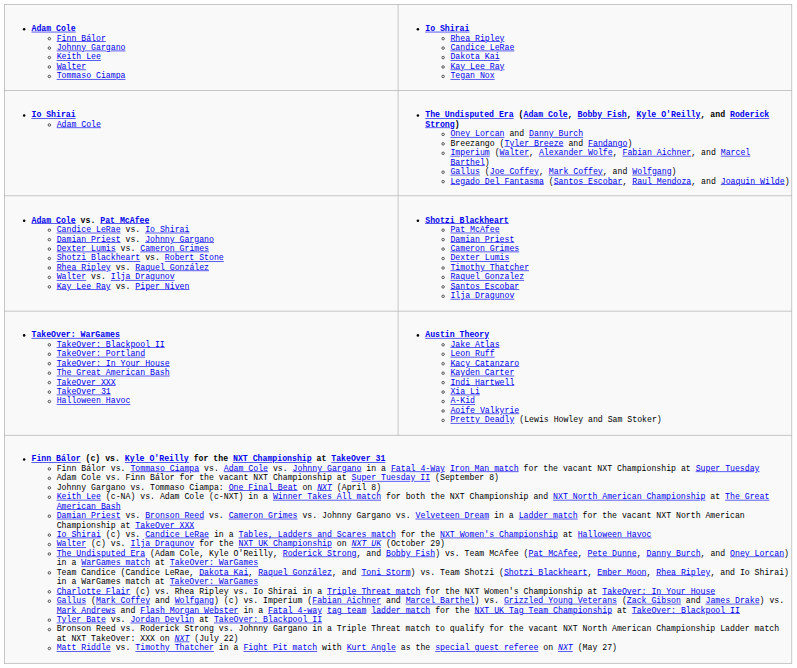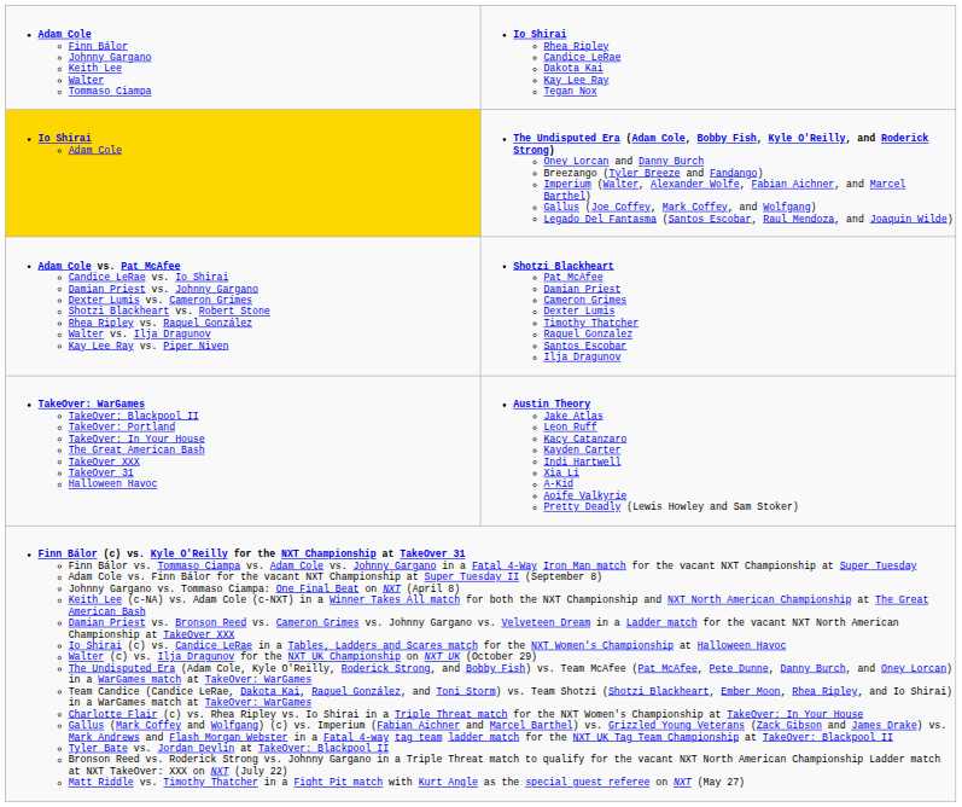 <table class="wikitable">
 <tr>
 <td style="vertical-align:top; width:50%;"><br><ul><li><strong><a href='#'>Adam Cole</a></strong><ul><li><a href='#'>Finn Bálor</a></li><li><a href='#'>Johnny Gargano</a></li><li><a href='#'>Keith Lee</a></li><li><a href='#'>Walter</a></li><li><a href='#'>Tommaso Ciampa</a></li></ul></li></ul></td>
 <td style="vertical-align:top; width:50%;"><br><ul><li><strong><a href='#'>Io Shirai</a></strong><ul><li><a href='#'>Rhea Ripley</a></li><li><a href='#'>Candice LeRae</a></li><li><a href='#'>Dakota Kai</a></li><li><a href='#'>Kay Lee Ray</a></li><li><a href='#'>Tegan Nox</a></li></ul></li></ul></td>
 </tr>
 <tr>
-<td style="vertical-align:top; width:50%;"><br><ul><li><strong><a href='#'>Io Shirai</a></strong><ul><li><a href='#'>Adam Cole</a></li></ul></li></ul></td>
+<td style="background: gold; vertical-align:top; width:50%;"><br><ul><li><strong><a href='#'>Io Shirai</a></strong><ul><li><a href='#'>Adam Cole</a></li></ul></li></ul></td>
 <td style="vertical-align:top; width:50%;"><br><ul><li><strong><a href='#'>The Undisputed Era</a> (<a href='#'>Adam Cole</a>, <a href='#'>Bobby Fish</a>, <a href='#'>Kyle O'Reilly</a>, and <a href='#'>Roderick Strong</a>)</strong><ul><li><a href='#'>Oney Lorcan</a> and <a href='#'>Danny Burch</a></li><li>Breezango (<a href='#'>Tyler Breeze</a> and <a href='#'>Fandango</a>)</li><li><a href='#'>Imperium</a> (<a href='#'>Walter</a>, <a href='#'>Alexander Wolfe</a>, <a href='#'>Fabian Aichner</a>, and <a href='#'>Marcel Barthel</a>)</li><li><a href='#'>Gallus</a> (<a href='#'>Joe Coffey</a>, <a href='#'>Mark Coffey</a>, and <a href='#'>Wolfgang</a>)</li><li><a href='#'>Legado Del Fantasma</a> (<a href='#'>Santos Escobar</a>, <a href='#'>Raul Mendoza</a>, and <a href='#'>Joaquin Wilde</a>)</li></ul></li></ul></td>
 </tr>
 <tr>
 <td style="vertical-align:top; width:50%;"><br><ul><li><strong><a href='#'>Adam Cole</a> vs. <a href='#'>Pat McAfee</a></strong><ul><li><a href='#'>Candice LeRae</a> vs. <a href='#'>Io Shirai</a></li><li><a href='#'>Damian Priest</a> vs. <a href='#'>Johnny Gargano</a></li><li><a href='#'>Dexter Lumis</a> vs. <a href='#'>Cameron Grimes</a></li><li><a href='#'>Shotzi Blackheart</a> vs. <a href='#'>Robert Stone</a></li><li><a href='#'>Rhea Ripley</a> vs. <a href='#'>Raquel González</a></li><li><a href='#'>Walter</a> vs. <a href='#'>Ilja Dragunov</a></li><li><a href='#'>Kay Lee Ray</a> vs. <a href='#'>Piper Niven</a></li></ul></li></ul></td>
 <td style="vertical-align:top; width:50%;"><br><ul><li><strong><a href='#'>Shotzi Blackheart</a></strong><ul><li><a href='#'>Pat McAfee</a></li><li><a href='#'>Damian Priest</a></li><li><a href='#'>Cameron Grimes</a></li><li><a href='#'>Dexter Lumis</a></li><li><a href='#'>Timothy Thatcher</a></li><li><a href='#'>Raquel Gonzalez</a></li><li><a href='#'>Santos Escobar</a></li><li><a href='#'>Ilja Dragunov</a></li></ul></li></ul></td>
 </tr>
 <tr>
 <td style="vertical-align:top; width:50%;"><br><ul><li><strong><a href='#'>TakeOver: WarGames</a></strong><ul><li><a href='#'>TakeOver: Blackpool II</a></li><li><a href='#'>TakeOver: Portland</a></li><li><a href='#'>TakeOver: In Your House</a></li><li><a href='#'>The Great American Bash</a></li><li><a href='#'>TakeOver XXX</a></li><li><a href='#'>TakeOver 31</a></li><li><a href='#'>Halloween Havoc</a></li></ul></li></ul></td>
 <td style="vertical-align:top; width:50%;"><br><ul><li><strong><a href='#'>Austin Theory</a></strong><ul><li><a href='#'>Jake Atlas</a></li><li><a href='#'>Leon Ruff</a></li><li><a href='#'>Kacy Catanzaro</a></li><li><a href='#'>Kayden Carter</a></li><li><a href='#'>Indi Hartwell</a></li><li><a href='#'>Xia Li</a></li><li><a href='#'>A-Kid</a></li><li><a href='#'>Aoife Valkyrie</a></li><li><a href='#'>Pretty Deadly</a> (Lewis Howley and Sam Stoker)</li></ul></li></ul></td>
 </tr>
 <tr>
 <td style="vertical-align:top; width:50%;" colspan=2><br><ul><li><strong><a href='#'>Finn Bálor</a> (c) vs. <a href='#'>Kyle O'Reilly</a> for the <a href='#'>NXT Championship</a> at <a href='#'>TakeOver 31</a></strong><ul><li>Finn Bálor vs. <a href='#'>Tommaso Ciampa</a> vs. <a href='#'>Adam Cole</a> vs. <a href='#'>Johnny Gargano</a> in a <a href='#'>Fatal 4-Way</a> <a href='#'>Iron Man match</a> for the vacant NXT Championship at <a href='#'>Super Tuesday</a></li><li>Adam Cole vs. Finn Bálor for the vacant NXT Championship at <a href='#'>Super Tuesday II</a> (September 8)</li><li>Johnny Gargano vs. Tommaso Ciampa: <a href='#'>One Final Beat</a> on <em><a href='#'>NXT</a></em> (April 8)</li><li><a href='#'>Keith Lee</a> (c-NA) vs. Adam Cole (c-NXT) in a <a href='#'>Winner Takes All match</a> for both the NXT Championship and <a href='#'>NXT North American Championship</a> at <a href='#'>The Great American Bash</a></li><li><a href='#'>Damian Priest</a> vs. <a href='#'>Bronson Reed</a> vs. <a href='#'>Cameron Grimes</a> vs. Johnny Gargano vs. <a href='#'>Velveteen Dream</a> in a <a href='#'>Ladder match</a> for the vacant NXT North American Championship at <a href='#'>TakeOver XXX</a></li><li><a href='#'>Io Shirai</a> (c) vs. <a href='#'>Candice LeRae</a> in a <a href='#'>Tables, Ladders and Scares match</a> for the <a href='#'>NXT Women's Championship</a> at <a href='#'>Halloween Havoc</a></li><li><a href='#'>Walter</a> (c) vs. <a href='#'>Ilja Dragunov</a> for the <a href='#'>NXT UK Championship</a> on <em><a href='#'>NXT UK</a></em> (October 29)</li><li><a href='#'>The Undisputed Era</a> (Adam Cole, Kyle O'Reilly, <a href='#'>Roderick Strong</a>, and <a href='#'>Bobby Fish</a>) vs. Team McAfee (<a href='#'>Pat McAfee</a>, <a href='#'>Pete Dunne</a>, <a href='#'>Danny Burch</a>, and <a href='#'>Oney Lorcan</a>) in a <a href='#'>WarGames match</a> at <a href='#'>TakeOver: WarGames</a></li><li>Team Candice (Candice LeRae, <a href='#'>Dakota Kai</a>, <a href='#'>Raquel González</a>, and <a href='#'>Toni Storm</a>) vs. Team Shotzi (<a href='#'>Shotzi Blackheart</a>, <a href='#'>Ember Moon</a>, <a href='#'>Rhea Ripley</a>, and Io Shirai) in a WarGames match at <a href='#'>TakeOver: WarGames</a></li><li><a href='#'>Charlotte Flair</a> (c) vs. Rhea Ripley vs. Io Shirai in a <a href='#'>Triple Threat match</a> for the NXT Women's Championship at <a href='#'>TakeOver: In Your House</a></li><li><a href='#'>Gallus</a> (<a href='#'>Mark Coffey</a> and <a href='#'>Wolfgang</a>) (c) vs. Imperium (<a href='#'>Fabian Aichner</a> and <a href='#'>Marcel Barthel</a>) vs. <a href='#'>Grizzled Young Veterans</a> (<a href='#'>Zack Gibson</a> and <a href='#'>James Drake</a>) vs. <a href='#'>Mark Andrews</a> and <a href='#'>Flash Morgan Webster</a> in a <a href='#'>Fatal 4-way</a> <a href='#'>tag team</a> <a href='#'>ladder match</a> for the <a href='#'>NXT UK Tag Team Championship</a> at <a href='#'>TakeOver: Blackpool II</a></li><li><a href='#'>Tyler Bate</a> vs. <a href='#'>Jordan Devlin</a> at <a href='#'>TakeOver: Blackpool II</a></li><li>Bronson Reed vs. Roderick Strong vs. Johnny Gargano in a Triple Threat match to qualify for the vacant NXT North American Championship Ladder match at NXT TakeOver: XXX on <em><a href='#'>NXT</a></em> (July 22)</li><li><a href='#'>Matt Riddle</a> vs. <a href='#'>Timothy Thatcher</a> in a <a href='#'>Fight Pit match</a> with <a href='#'>Kurt Angle</a> as the <a href='#'>special guest referee</a> on <em><a href='#'>NXT</a></em> (May 27)</li></ul></li></ul></td>
 </tr>
 </table>
